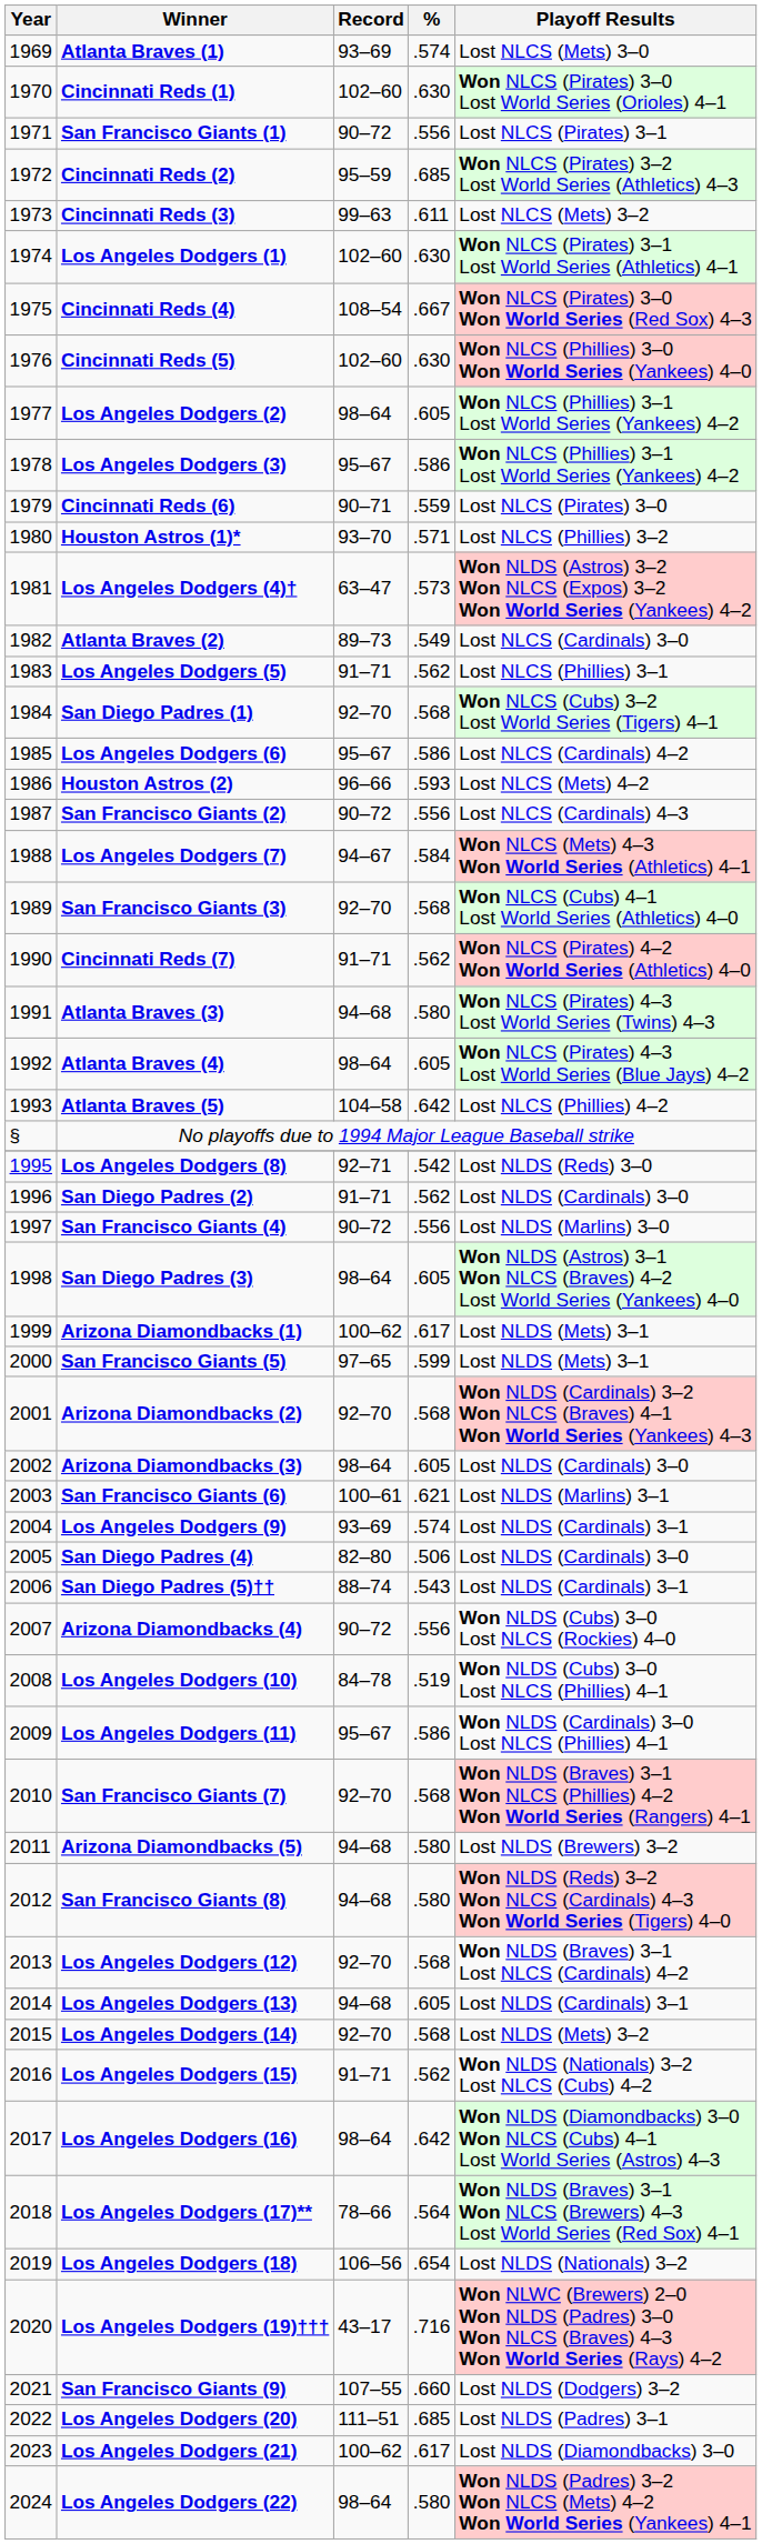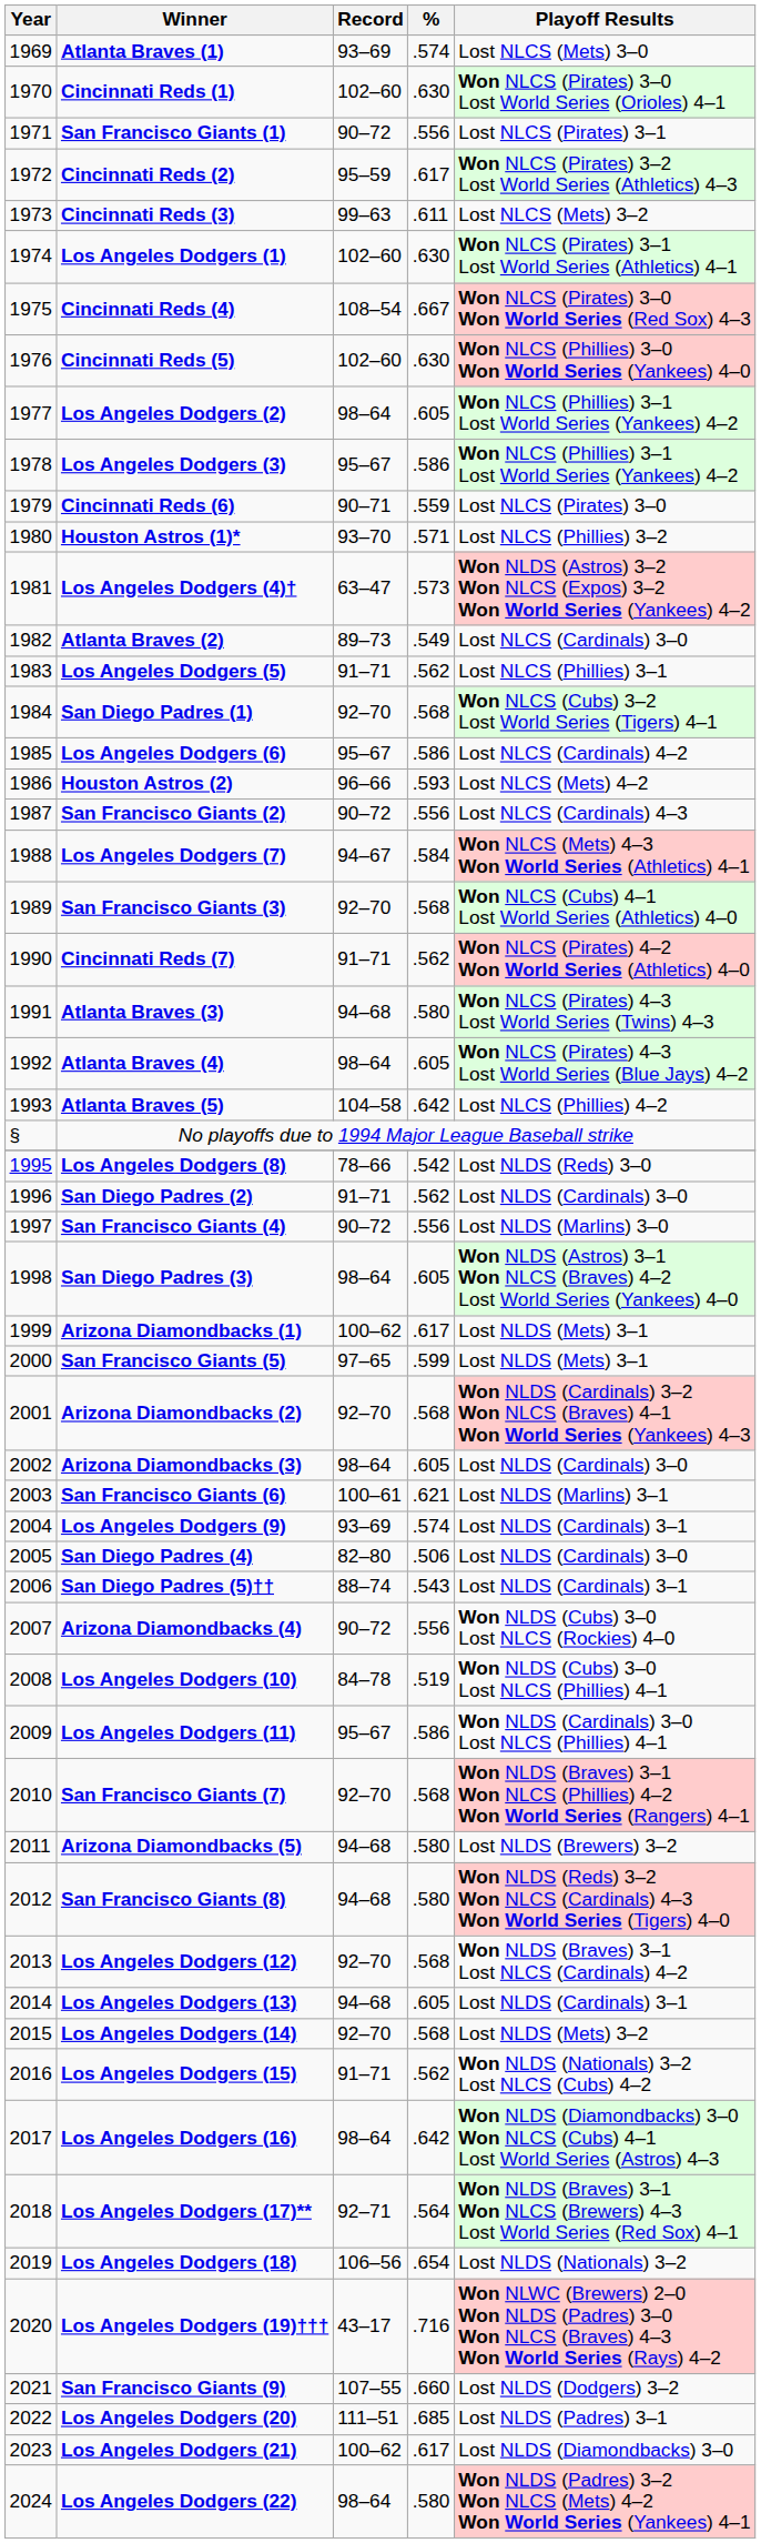 <table class="wikitable">
 <tr>
 <th>Year</th>
 <th>Winner</th>
 <th>Record</th>
 <th>%</th>
 <th>Playoff Results</th>
 </tr>
 <tr>
 <td>1969</td>
 <td><strong><a href='#'><span>Atlanta Braves (1)</span></a></strong></td>
 <td>93–69</td>
 <td>.574</td>
 <td>Lost <a href='#'>NLCS</a> (<a href='#'>Mets</a>) 3–0</td>
 </tr>
 <tr>
 <td>1970</td>
 <td><strong><a href='#'><span>Cincinnati Reds (1)</span></a></strong></td>
 <td>102–60</td>
 <td>.630</td>
 <td bgcolor="#ddffdd"><strong>Won</strong> <a href='#'>NLCS</a> (<a href='#'>Pirates</a>) 3–0<br>Lost <a href='#'>World Series</a> (<a href='#'>Orioles</a>) 4–1</td>
 </tr>
 <tr>
 <td>1971</td>
 <td><strong><a href='#'><span>San Francisco Giants (1)</span></a></strong></td>
 <td>90–72</td>
 <td>.556</td>
 <td>Lost <a href='#'>NLCS</a> (<a href='#'>Pirates</a>) 3–1</td>
 </tr>
 <tr>
 <td>1972</td>
 <td><strong><a href='#'><span>Cincinnati Reds (2)</span></a></strong></td>
 <td>95–59</td>
-<td>.685</td>
+<td>.617</td>
 <td bgcolor="#ddffdd"><strong>Won</strong> <a href='#'>NLCS</a> (<a href='#'>Pirates</a>) 3–2<br>Lost <a href='#'>World Series</a> (<a href='#'>Athletics</a>) 4–3</td>
 </tr>
 <tr>
 <td>1973</td>
 <td><strong><a href='#'><span>Cincinnati Reds (3)</span></a></strong></td>
 <td>99–63</td>
 <td>.611</td>
 <td>Lost <a href='#'>NLCS</a> (<a href='#'>Mets</a>) 3–2</td>
 </tr>
 <tr>
 <td>1974</td>
 <td><strong><a href='#'><span>Los Angeles Dodgers (1)</span></a></strong></td>
 <td>102–60</td>
 <td>.630</td>
 <td bgcolor="#ddffdd"><strong>Won</strong> <a href='#'>NLCS</a> (<a href='#'>Pirates</a>) 3–1<br>Lost <a href='#'>World Series</a> (<a href='#'>Athletics</a>) 4–1</td>
 </tr>
 <tr>
 <td>1975</td>
 <td><strong><a href='#'><span>Cincinnati Reds (4)</span></a></strong></td>
 <td>108–54</td>
 <td>.667</td>
 <td bgcolor="#ffcccc"><strong>Won</strong> <a href='#'>NLCS</a> (<a href='#'>Pirates</a>) 3–0<br><strong>Won <a href='#'>World Series</a></strong> (<a href='#'>Red Sox</a>) 4–3</td>
 </tr>
 <tr>
 <td>1976</td>
 <td><strong><a href='#'><span>Cincinnati Reds (5)</span></a></strong></td>
 <td>102–60</td>
 <td>.630</td>
 <td bgcolor="#ffcccc"><strong>Won</strong> <a href='#'>NLCS</a> (<a href='#'>Phillies</a>) 3–0<br><strong>Won <a href='#'>World Series</a></strong> (<a href='#'>Yankees</a>) 4–0</td>
 </tr>
 <tr>
 <td>1977</td>
 <td><strong><a href='#'><span>Los Angeles Dodgers (2)</span></a></strong></td>
 <td>98–64</td>
 <td>.605</td>
 <td bgcolor="#ddffdd"><strong>Won</strong> <a href='#'>NLCS</a> (<a href='#'>Phillies</a>) 3–1<br>Lost <a href='#'>World Series</a> (<a href='#'>Yankees</a>) 4–2</td>
 </tr>
 <tr>
 <td>1978</td>
 <td><strong><a href='#'><span>Los Angeles Dodgers (3)</span></a></strong></td>
 <td>95–67</td>
 <td>.586</td>
 <td bgcolor="#ddffdd"><strong>Won</strong> <a href='#'>NLCS</a> (<a href='#'>Phillies</a>) 3–1<br>Lost <a href='#'>World Series</a> (<a href='#'>Yankees</a>) 4–2</td>
 </tr>
 <tr>
 <td>1979</td>
 <td><strong><a href='#'><span>Cincinnati Reds (6)</span></a></strong></td>
 <td>90–71</td>
 <td>.559</td>
 <td>Lost <a href='#'>NLCS</a> (<a href='#'>Pirates</a>) 3–0</td>
 </tr>
 <tr>
 <td>1980</td>
 <td><strong><a href='#'><span>Houston Astros (1)*</span></a></strong></td>
 <td>93–70</td>
 <td>.571</td>
 <td>Lost <a href='#'>NLCS</a> (<a href='#'>Phillies</a>) 3–2</td>
 </tr>
 <tr>
 <td>1981</td>
 <td><strong><a href='#'><span>Los Angeles Dodgers (4)†</span></a></strong></td>
 <td>63–47</td>
 <td>.573</td>
 <td bgcolor="#ffcccc"><strong>Won</strong> <a href='#'>NLDS</a> (<a href='#'>Astros</a>) 3–2<br><strong>Won</strong> <a href='#'>NLCS</a> (<a href='#'>Expos</a>) 3–2<br><strong>Won <a href='#'>World Series</a></strong> (<a href='#'>Yankees</a>) 4–2</td>
 </tr>
 <tr>
 <td>1982</td>
 <td><strong><a href='#'><span>Atlanta Braves (2)</span></a></strong></td>
 <td>89–73</td>
 <td>.549</td>
 <td>Lost <a href='#'>NLCS</a> (<a href='#'>Cardinals</a>) 3–0</td>
 </tr>
 <tr>
 <td>1983</td>
 <td><strong><a href='#'><span>Los Angeles Dodgers (5)</span></a></strong></td>
 <td>91–71</td>
 <td>.562</td>
 <td>Lost <a href='#'>NLCS</a> (<a href='#'>Phillies</a>) 3–1</td>
 </tr>
 <tr>
 <td>1984</td>
 <td><strong><a href='#'><span>San Diego Padres (1)</span></a></strong></td>
 <td>92–70</td>
 <td>.568</td>
 <td bgcolor="#ddffdd"><strong>Won</strong> <a href='#'>NLCS</a> (<a href='#'>Cubs</a>) 3–2<br>Lost <a href='#'>World Series</a> (<a href='#'>Tigers</a>) 4–1</td>
 </tr>
 <tr>
 <td>1985</td>
 <td><strong><a href='#'><span>Los Angeles Dodgers (6)</span></a></strong></td>
 <td>95–67</td>
 <td>.586</td>
 <td>Lost <a href='#'>NLCS</a> (<a href='#'>Cardinals</a>) 4–2</td>
 </tr>
 <tr>
 <td>1986</td>
 <td><strong><a href='#'><span>Houston Astros (2)</span></a></strong></td>
 <td>96–66</td>
 <td>.593</td>
 <td>Lost <a href='#'>NLCS</a> (<a href='#'>Mets</a>) 4–2</td>
 </tr>
 <tr>
 <td>1987</td>
 <td><strong><a href='#'><span>San Francisco Giants (2)</span></a></strong></td>
 <td>90–72</td>
 <td>.556</td>
 <td>Lost <a href='#'>NLCS</a> (<a href='#'>Cardinals</a>) 4–3</td>
 </tr>
 <tr>
 <td>1988</td>
 <td><strong><a href='#'><span>Los Angeles Dodgers (7)</span></a></strong></td>
 <td>94–67</td>
 <td>.584</td>
 <td bgcolor="#ffcccc"><strong>Won</strong> <a href='#'>NLCS</a> (<a href='#'>Mets</a>) 4–3<br><strong>Won <a href='#'>World Series</a></strong> (<a href='#'>Athletics</a>) 4–1</td>
 </tr>
 <tr>
 <td>1989</td>
 <td><strong><a href='#'><span>San Francisco Giants (3)</span></a></strong></td>
 <td>92–70</td>
 <td>.568</td>
 <td bgcolor="#ddffdd"><strong>Won</strong> <a href='#'>NLCS</a> (<a href='#'>Cubs</a>) 4–1<br>Lost <a href='#'>World Series</a> (<a href='#'>Athletics</a>) 4–0</td>
 </tr>
 <tr>
 <td>1990</td>
 <td><strong><a href='#'><span>Cincinnati Reds (7)</span></a></strong></td>
 <td>91–71</td>
 <td>.562</td>
 <td bgcolor="#ffcccc"><strong>Won</strong> <a href='#'>NLCS</a> (<a href='#'>Pirates</a>) 4–2<br><strong>Won <a href='#'>World Series</a></strong> (<a href='#'>Athletics</a>) 4–0</td>
 </tr>
 <tr>
 <td>1991</td>
 <td><strong><a href='#'><span>Atlanta Braves (3)</span></a></strong></td>
 <td>94–68</td>
 <td>.580</td>
 <td bgcolor="#ddffdd"><strong>Won</strong> <a href='#'>NLCS</a> (<a href='#'>Pirates</a>) 4–3<br>Lost <a href='#'>World Series</a> (<a href='#'>Twins</a>) 4–3</td>
 </tr>
 <tr>
 <td>1992</td>
 <td><strong><a href='#'><span>Atlanta Braves (4)</span></a></strong></td>
 <td>98–64</td>
 <td>.605</td>
 <td bgcolor="#ddffdd"><strong>Won</strong> <a href='#'>NLCS</a> (<a href='#'>Pirates</a>) 4–3<br>Lost <a href='#'>World Series</a> (<a href='#'>Blue Jays</a>) 4–2</td>
 </tr>
 <tr>
 <td>1993</td>
 <td><strong><a href='#'><span>Atlanta Braves (5)</span></a></strong></td>
 <td>104–58</td>
 <td>.642</td>
 <td>Lost <a href='#'>NLCS</a> (<a href='#'>Phillies</a>) 4–2</td>
 </tr>
 <tr>
 <td>§</td>
 <td colspan=4 align=center><em>No playoffs due to <a href='#'>1994 Major League Baseball strike</a></em></td>
 </tr>
 <tr>
 </tr>
 <tr>
 <td><a href='#'>1995</a></td>
 <td><strong><a href='#'><span>Los Angeles Dodgers (8)</span></a></strong></td>
-<td>92–71</td>
+<td>78–66</td>
 <td>.542</td>
 <td>Lost <a href='#'>NLDS</a> (<a href='#'>Reds</a>) 3–0</td>
 </tr>
 <tr>
 <td>1996</td>
 <td><strong><a href='#'><span>San Diego Padres (2)</span></a></strong></td>
 <td>91–71</td>
 <td>.562</td>
 <td>Lost <a href='#'>NLDS</a> (<a href='#'>Cardinals</a>) 3–0</td>
 </tr>
 <tr>
 <td>1997</td>
 <td><strong><a href='#'><span>San Francisco Giants (4)</span></a></strong></td>
 <td>90–72</td>
 <td>.556</td>
 <td>Lost <a href='#'>NLDS</a> (<a href='#'>Marlins</a>) 3–0</td>
 </tr>
 <tr>
 <td>1998</td>
 <td><strong><a href='#'><span>San Diego Padres (3)</span></a></strong></td>
 <td>98–64</td>
 <td>.605</td>
 <td bgcolor="#ddffdd"><strong>Won</strong> <a href='#'>NLDS</a> (<a href='#'>Astros</a>) 3–1<br><strong>Won</strong> <a href='#'>NLCS</a> (<a href='#'>Braves</a>) 4–2<br>Lost <a href='#'>World Series</a> (<a href='#'>Yankees</a>) 4–0</td>
 </tr>
 <tr>
 <td>1999</td>
 <td><strong><a href='#'><span>Arizona Diamondbacks (1)</span></a></strong></td>
 <td>100–62</td>
 <td>.617</td>
 <td>Lost <a href='#'>NLDS</a> (<a href='#'>Mets</a>) 3–1</td>
 </tr>
 <tr>
 <td>2000</td>
 <td><strong><a href='#'><span>San Francisco Giants (5)</span></a></strong></td>
 <td>97–65</td>
 <td>.599</td>
 <td>Lost <a href='#'>NLDS</a> (<a href='#'>Mets</a>) 3–1</td>
 </tr>
 <tr>
 <td>2001</td>
 <td><strong><a href='#'><span>Arizona Diamondbacks (2)</span></a></strong></td>
 <td>92–70</td>
 <td>.568</td>
 <td bgcolor="#ffcccc"><strong>Won</strong> <a href='#'>NLDS</a> (<a href='#'>Cardinals</a>) 3–2<br><strong>Won</strong> <a href='#'>NLCS</a> (<a href='#'>Braves</a>) 4–1<br><strong>Won <a href='#'>World Series</a></strong> (<a href='#'>Yankees</a>) 4–3</td>
 </tr>
 <tr>
 <td>2002</td>
 <td><strong><a href='#'><span>Arizona Diamondbacks (3)</span></a></strong></td>
 <td>98–64</td>
 <td>.605</td>
 <td>Lost <a href='#'>NLDS</a> (<a href='#'>Cardinals</a>) 3–0</td>
 </tr>
 <tr>
 <td>2003</td>
 <td><strong><a href='#'><span>San Francisco Giants (6)</span></a></strong></td>
 <td>100–61</td>
 <td>.621</td>
 <td>Lost <a href='#'>NLDS</a> (<a href='#'>Marlins</a>) 3–1</td>
 </tr>
 <tr>
 <td>2004</td>
 <td><strong><a href='#'><span>Los Angeles Dodgers (9)</span></a></strong></td>
 <td>93–69</td>
 <td>.574</td>
 <td>Lost <a href='#'>NLDS</a> (<a href='#'>Cardinals</a>) 3–1</td>
 </tr>
 <tr>
 <td>2005</td>
 <td><strong><a href='#'><span>San Diego Padres (4)</span></a></strong></td>
 <td>82–80</td>
 <td>.506</td>
 <td>Lost <a href='#'>NLDS</a> (<a href='#'>Cardinals</a>) 3–0</td>
 </tr>
 <tr>
 <td>2006</td>
 <td><strong><a href='#'><span>San Diego Padres (5)††</span></a></strong></td>
 <td>88–74</td>
 <td>.543</td>
 <td>Lost <a href='#'>NLDS</a> (<a href='#'>Cardinals</a>) 3–1</td>
 </tr>
 <tr>
 <td>2007</td>
 <td><strong><a href='#'><span>Arizona Diamondbacks (4)</span></a></strong></td>
 <td>90–72</td>
 <td>.556</td>
 <td><strong>Won</strong> <a href='#'>NLDS</a> (<a href='#'>Cubs</a>) 3–0<br>Lost <a href='#'>NLCS</a> (<a href='#'>Rockies</a>) 4–0</td>
 </tr>
 <tr>
 <td>2008</td>
 <td><strong><a href='#'><span>Los Angeles Dodgers (10)</span></a></strong></td>
 <td>84–78</td>
 <td>.519</td>
 <td><strong>Won</strong> <a href='#'>NLDS</a> (<a href='#'>Cubs</a>) 3–0<br>Lost <a href='#'>NLCS</a> (<a href='#'>Phillies</a>) 4–1</td>
 </tr>
 <tr>
 <td>2009</td>
 <td><strong><a href='#'><span>Los Angeles Dodgers (11)</span></a></strong></td>
 <td>95–67</td>
 <td>.586</td>
 <td><strong>Won</strong> <a href='#'>NLDS</a> (<a href='#'>Cardinals</a>) 3–0<br>Lost <a href='#'>NLCS</a> (<a href='#'>Phillies</a>) 4–1</td>
 </tr>
 <tr>
 <td>2010</td>
 <td><strong><a href='#'><span>San Francisco Giants (7)</span></a></strong></td>
 <td>92–70</td>
 <td>.568</td>
 <td bgcolor="#ffcccc"><strong>Won</strong> <a href='#'>NLDS</a> (<a href='#'>Braves</a>) 3–1<br><strong>Won</strong> <a href='#'>NLCS</a> (<a href='#'>Phillies</a>) 4–2<br><strong>Won <a href='#'>World Series</a></strong> (<a href='#'>Rangers</a>) 4–1</td>
 </tr>
 <tr>
 <td>2011</td>
 <td><strong><a href='#'><span>Arizona Diamondbacks (5)</span></a></strong></td>
 <td>94–68</td>
 <td>.580</td>
 <td>Lost <a href='#'>NLDS</a> (<a href='#'>Brewers</a>) 3–2</td>
 </tr>
 <tr>
 <td>2012</td>
 <td><strong><a href='#'><span>San Francisco Giants (8)</span></a></strong></td>
 <td>94–68</td>
 <td>.580</td>
 <td bgcolor="#ffcccc"><strong>Won</strong> <a href='#'>NLDS</a> (<a href='#'>Reds</a>) 3–2<br><strong>Won</strong> <a href='#'>NLCS</a> (<a href='#'>Cardinals</a>) 4–3<br><strong>Won <a href='#'>World Series</a></strong> (<a href='#'>Tigers</a>) 4–0</td>
 </tr>
 <tr>
 <td>2013</td>
 <td><strong><a href='#'><span>Los Angeles Dodgers (12)</span></a></strong></td>
 <td>92–70</td>
 <td>.568</td>
 <td><strong>Won</strong> <a href='#'>NLDS</a> (<a href='#'>Braves</a>) 3–1<br>Lost <a href='#'>NLCS</a> (<a href='#'>Cardinals</a>) 4–2</td>
 </tr>
 <tr>
 <td>2014</td>
 <td><strong><a href='#'><span>Los Angeles Dodgers (13)</span></a></strong></td>
 <td>94–68</td>
 <td>.605</td>
 <td>Lost <a href='#'>NLDS</a> (<a href='#'>Cardinals</a>) 3–1</td>
 </tr>
 <tr>
 <td>2015</td>
 <td><strong><a href='#'><span>Los Angeles Dodgers (14)</span></a></strong></td>
 <td>92–70</td>
 <td>.568</td>
 <td>Lost <a href='#'>NLDS</a> (<a href='#'>Mets</a>) 3–2</td>
 </tr>
 <tr>
 <td>2016</td>
 <td><strong><a href='#'><span>Los Angeles Dodgers (15)</span></a></strong></td>
 <td>91–71</td>
 <td>.562</td>
 <td><strong>Won</strong> <a href='#'>NLDS</a> (<a href='#'>Nationals</a>) 3–2<br>Lost <a href='#'>NLCS</a> (<a href='#'>Cubs</a>) 4–2</td>
 </tr>
 <tr>
 <td>2017</td>
 <td><strong><a href='#'><span>Los Angeles Dodgers (16)</span></a></strong></td>
 <td>98–64</td>
 <td>.642</td>
 <td bgcolor="ddffdd"><strong>Won</strong> <a href='#'>NLDS</a> (<a href='#'>Diamondbacks</a>) 3–0<br><strong>Won</strong> <a href='#'>NLCS</a> (<a href='#'>Cubs</a>) 4–1<br>Lost <a href='#'>World Series</a> (<a href='#'>Astros</a>) 4–3</td>
 </tr>
 <tr>
 <td>2018</td>
 <td><strong><a href='#'><span>Los Angeles Dodgers (17)**</span></a></strong></td>
-<td>78–66</td>
+<td>92–71</td>
 <td>.564</td>
 <td bgcolor="#ddffdd"><strong>Won</strong> <a href='#'>NLDS</a> (<a href='#'>Braves</a>) 3–1<br><strong>Won</strong> <a href='#'>NLCS</a> (<a href='#'>Brewers</a>) 4–3<br>Lost <a href='#'>World Series</a> (<a href='#'>Red Sox</a>) 4–1</td>
 </tr>
 <tr>
 <td>2019</td>
 <td><strong><a href='#'><span>Los Angeles Dodgers (18)</span></a></strong></td>
 <td>106–56</td>
 <td>.654</td>
 <td>Lost <a href='#'>NLDS</a> (<a href='#'>Nationals</a>) 3–2</td>
 </tr>
 <tr>
 <td>2020</td>
 <td><strong><a href='#'><span>Los Angeles Dodgers (19)††† </span></a></strong></td>
 <td>43–17</td>
 <td>.716</td>
 <td bgcolor="#ffcccc"><strong>Won</strong> <a href='#'>NLWC</a> (<a href='#'>Brewers</a>) 2–0<br> <strong>Won</strong> <a href='#'>NLDS</a> (<a href='#'>Padres</a>) 3–0<br> <strong>Won</strong> <a href='#'>NLCS</a> (<a href='#'>Braves</a>) 4–3<br><strong>Won <a href='#'>World Series</a></strong> (<a href='#'>Rays</a>) 4–2</td>
 </tr>
 <tr>
 <td>2021</td>
 <td><strong><a href='#'><span>San Francisco Giants (9)</span></a></strong></td>
 <td>107–55</td>
 <td>.660</td>
 <td>Lost <a href='#'>NLDS</a> (<a href='#'>Dodgers</a>) 3–2</td>
 </tr>
 <tr>
 <td>2022</td>
 <td><strong><a href='#'><span>Los Angeles Dodgers (20)</span></a></strong></td>
 <td>111–51</td>
 <td>.685</td>
 <td>Lost <a href='#'>NLDS</a> (<a href='#'>Padres</a>) 3–1</td>
 </tr>
 <tr>
 <td>2023</td>
 <td><strong><a href='#'><span>Los Angeles Dodgers (21)</span></a></strong></td>
 <td>100–62</td>
 <td>.617</td>
 <td>Lost <a href='#'>NLDS</a> (<a href='#'>Diamondbacks</a>) 3–0</td>
 </tr>
 <tr>
 <td>2024</td>
 <td><strong><a href='#'><span>Los Angeles Dodgers (22)</span></a></strong></td>
 <td>98–64</td>
 <td>.580</td>
 <td bgcolor="#ffcccc"><strong>Won</strong> <a href='#'>NLDS</a> (<a href='#'>Padres</a>) 3–2<br><strong>Won</strong> <a href='#'>NLCS</a> (<a href='#'>Mets</a>) 4–2<br><strong>Won <a href='#'>World Series</a></strong> (<a href='#'>Yankees</a>) 4–1</td>
 </tr>
 </table>
